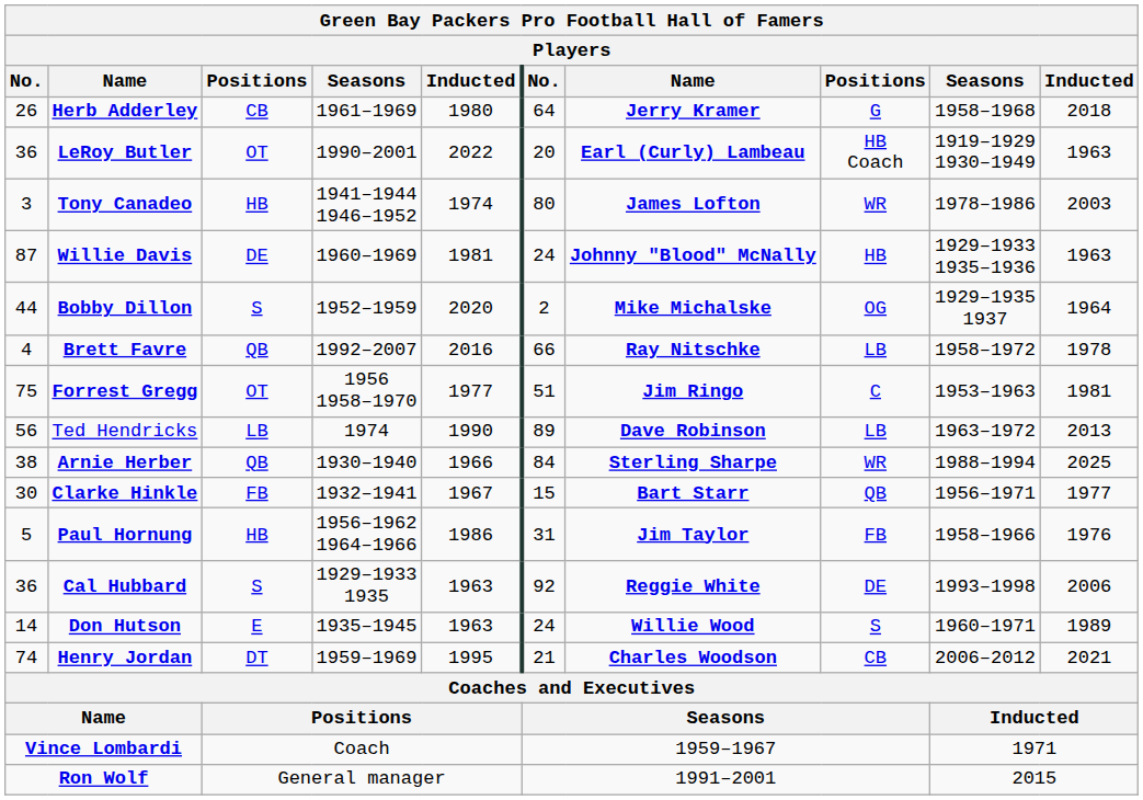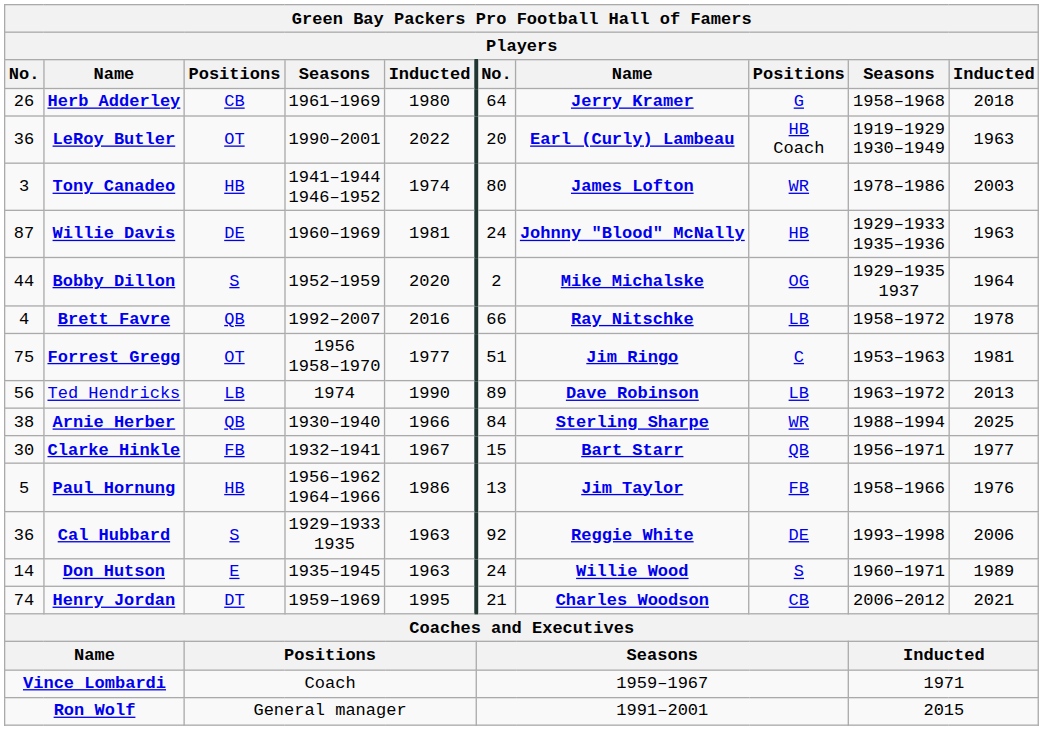 <table class="wikitable" style="text-align:center">
 <tr>
 <th colspan="10">Green Bay Packers Pro Football Hall of Famers</th>
 </tr>
 <tr>
 <th colspan="10">Players</th>
 </tr>
 <tr>
 <th>No.</th>
 <th>Name</th>
 <th>Positions</th>
 <th>Seasons</th>
 <th style="border-right: 3px solid #203731">Inducted</th>
 <th>No.</th>
 <th>Name</th>
 <th>Positions</th>
 <th>Seasons</th>
 <th>Inducted</th>
 </tr>
 <tr>
 <td>26</td>
 <td><strong><a href='#'>Herb Adderley</a></strong></td>
 <td><a href='#'>CB</a></td>
 <td>1961–1969</td>
 <td style="border-right: 3px solid #203731">1980</td>
 <td>64</td>
 <td><strong><a href='#'>Jerry Kramer</a></strong></td>
 <td><a href='#'>G</a></td>
 <td>1958–1968</td>
 <td>2018</td>
 </tr>
 <tr>
 <td>36</td>
 <td><strong><a href='#'>LeRoy Butler</a></strong></td>
 <td><a href='#'>OT</a></td>
 <td>1990–2001</td>
 <td style="border-right: 3px solid #203731">2022</td>
 <td>20</td>
 <td><strong><a href='#'>Earl (Curly) Lambeau</a></strong></td>
 <td><a href='#'>HB</a><br>Coach</td>
 <td>1919–1929<br>1930–1949</td>
 <td>1963</td>
 </tr>
 <tr>
 <td>3</td>
 <td><strong><a href='#'>Tony Canadeo</a></strong></td>
 <td><a href='#'>HB</a></td>
 <td>1941–1944<br>1946–1952</td>
 <td style="border-right: 3px solid #203731">1974</td>
 <td>80</td>
 <td><strong><a href='#'>James Lofton</a></strong></td>
 <td><a href='#'>WR</a></td>
 <td>1978–1986</td>
 <td>2003</td>
 </tr>
 <tr>
 <td>87</td>
 <td><strong><a href='#'>Willie Davis</a></strong></td>
 <td><a href='#'>DE</a></td>
 <td>1960–1969</td>
 <td style="border-right: 3px solid #203731">1981</td>
 <td>24</td>
 <td><strong><a href='#'>Johnny "Blood" McNally</a></strong></td>
 <td><a href='#'>HB</a></td>
 <td>1929–1933<br>1935–1936</td>
 <td>1963</td>
 </tr>
 <tr>
 <td>44</td>
 <td><strong><a href='#'>Bobby Dillon</a></strong></td>
 <td><a href='#'>S</a></td>
 <td>1952–1959</td>
 <td style="border-right: 3px solid #203731">2020</td>
 <td>2</td>
 <td><strong><a href='#'>Mike Michalske</a></strong></td>
 <td><a href='#'>OG</a></td>
 <td>1929–1935<br>1937</td>
 <td>1964</td>
 </tr>
 <tr>
 <td>4</td>
 <td><strong><a href='#'>Brett Favre</a></strong></td>
 <td><a href='#'>QB</a></td>
 <td>1992–2007</td>
 <td style="border-right: 3px solid #203731">2016</td>
 <td>66</td>
 <td><strong><a href='#'>Ray Nitschke</a></strong></td>
 <td><a href='#'>LB</a></td>
 <td>1958–1972</td>
 <td>1978</td>
 </tr>
 <tr>
 <td>75</td>
 <td><strong><a href='#'>Forrest Gregg</a></strong></td>
 <td><a href='#'>OT</a></td>
 <td>1956<br>1958–1970</td>
 <td style="border-right: 3px solid #203731">1977</td>
 <td>51</td>
 <td><strong><a href='#'>Jim Ringo</a></strong></td>
 <td><a href='#'>C</a></td>
 <td>1953–1963</td>
 <td>1981</td>
 </tr>
 <tr>
 <td>56</td>
 <td><a href='#'>Ted Hendricks</a></td>
 <td><a href='#'>LB</a></td>
 <td>1974</td>
 <td style="border-right: 3px solid #203731">1990</td>
 <td>89</td>
 <td><strong><a href='#'>Dave Robinson</a></strong></td>
 <td><a href='#'>LB</a></td>
 <td>1963–1972</td>
 <td>2013</td>
 </tr>
 <tr>
 <td>38</td>
 <td><strong><a href='#'>Arnie Herber</a></strong></td>
 <td><a href='#'>QB</a></td>
 <td>1930–1940</td>
 <td style="border-right: 3px solid #203731">1966</td>
 <td>84</td>
 <td><strong><a href='#'>Sterling Sharpe</a></strong></td>
 <td><a href='#'>WR</a></td>
 <td>1988–1994</td>
 <td>2025</td>
 </tr>
 <tr>
 <td>30</td>
 <td><strong><a href='#'>Clarke Hinkle</a></strong></td>
 <td><a href='#'>FB</a></td>
 <td>1932–1941</td>
 <td style="border-right: 3px solid #203731">1967</td>
 <td>15</td>
 <td><strong><a href='#'>Bart Starr</a></strong></td>
 <td><a href='#'>QB</a></td>
 <td>1956–1971</td>
 <td>1977</td>
 </tr>
 <tr>
 <td>5</td>
 <td><strong><a href='#'>Paul Hornung</a></strong></td>
 <td><a href='#'>HB</a></td>
 <td>1956–1962<br>1964–1966</td>
 <td style="border-right: 3px solid #203731">1986</td>
-<td>31</td>
+<td>13</td>
 <td><strong><a href='#'>Jim Taylor</a></strong></td>
 <td><a href='#'>FB</a></td>
 <td>1958–1966</td>
 <td>1976</td>
 </tr>
 <tr>
 <td>36</td>
 <td><strong><a href='#'>Cal Hubbard</a></strong></td>
 <td><a href='#'>S</a></td>
 <td>1929–1933<br>1935</td>
 <td style="border-right: 3px solid #203731">1963</td>
 <td>92</td>
 <td><strong><a href='#'>Reggie White</a></strong></td>
 <td><a href='#'>DE</a></td>
 <td>1993–1998</td>
 <td>2006</td>
 </tr>
 <tr>
 <td>14</td>
 <td><strong><a href='#'>Don Hutson</a></strong></td>
 <td><a href='#'>E</a></td>
 <td>1935–1945</td>
 <td style="border-right: 3px solid #203731">1963</td>
 <td>24</td>
 <td><strong><a href='#'>Willie Wood</a></strong></td>
 <td><a href='#'>S</a></td>
 <td>1960–1971</td>
 <td>1989</td>
 </tr>
 <tr>
 <td>74</td>
 <td><strong><a href='#'>Henry Jordan</a></strong></td>
 <td><a href='#'>DT</a></td>
 <td>1959–1969</td>
 <td style="border-right: 3px solid #203731">1995</td>
 <td>21</td>
 <td><strong><a href='#'>Charles Woodson</a></strong></td>
 <td><a href='#'>CB</a></td>
 <td>2006–2012</td>
 <td>2021</td>
 </tr>
 <tr>
 <th colspan="10">Coaches and Executives</th>
 </tr>
 <tr>
 <th colspan="2">Name</th>
 <th colspan="3">Positions</th>
 <th colspan="3">Seasons</th>
 <th colspan="2">Inducted</th>
 </tr>
 <tr>
 <td colspan="2"><strong><a href='#'>Vince Lombardi</a></strong></td>
 <td colspan="3">Coach</td>
 <td colspan="3">1959–1967</td>
 <td colspan="2">1971</td>
 </tr>
 <tr>
 <td colspan="2"><strong><a href='#'>Ron Wolf</a></strong></td>
 <td colspan="3">General manager</td>
 <td colspan="3">1991–2001</td>
 <td colspan="2">2015</td>
 </tr>
 </table>
